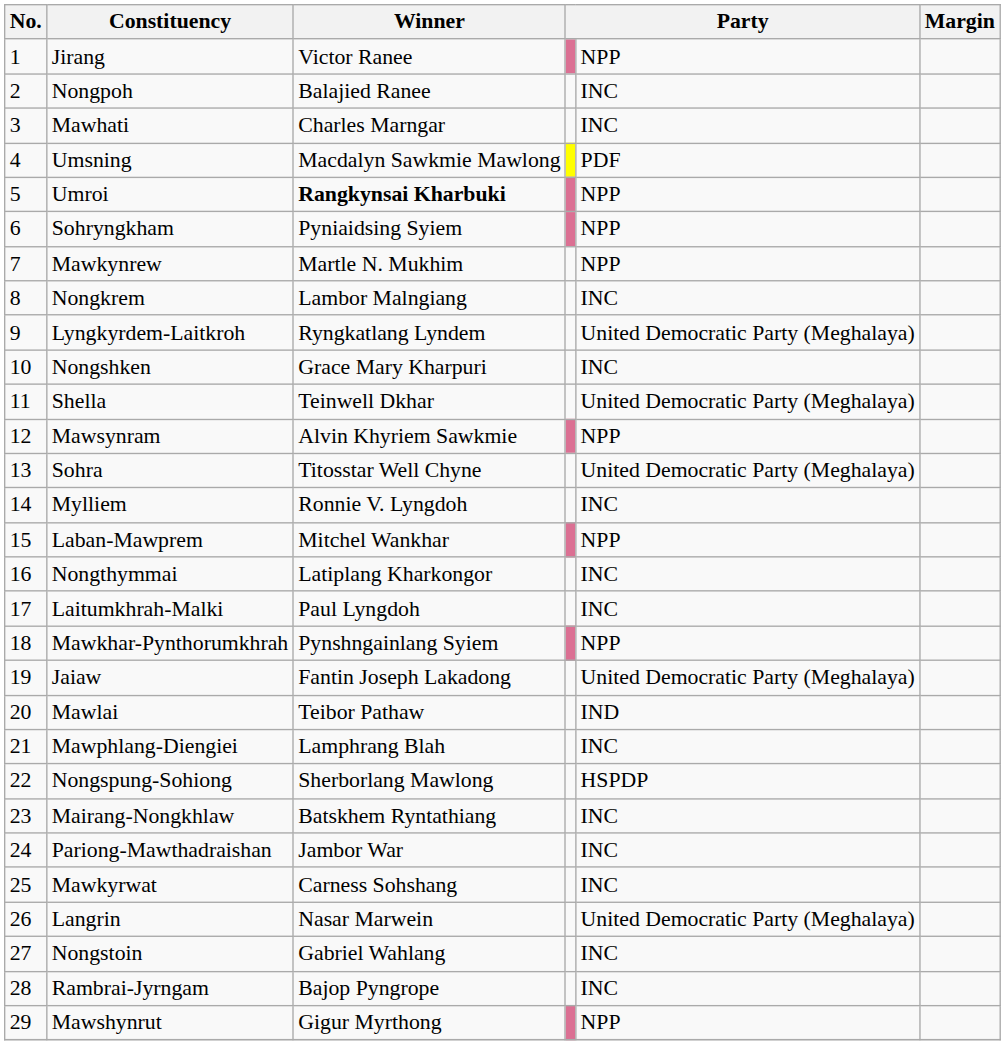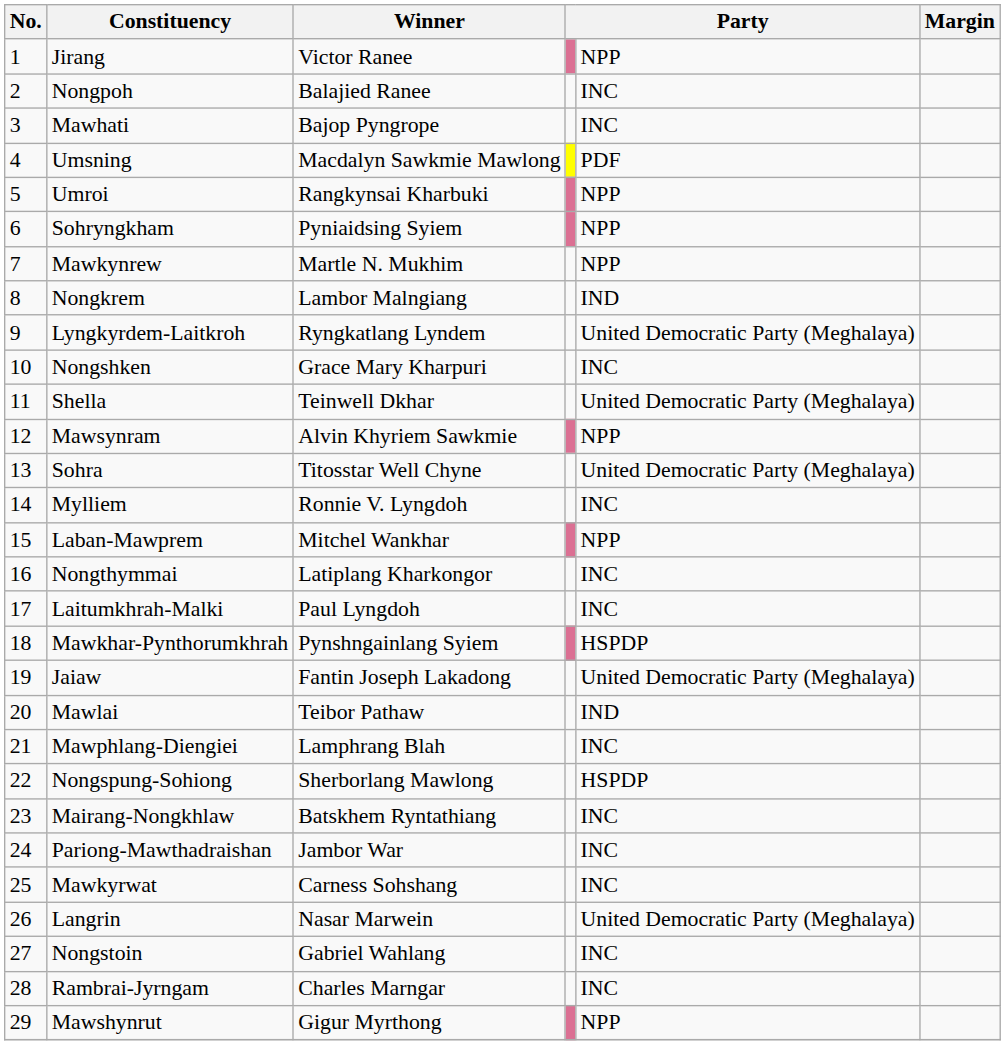 <table class="wikitable sortable">
 <tr>
 <th>No.</th>
 <th>Constituency</th>
 <th>Winner</th>
 <th colspan="2">Party</th>
 <th>Margin</th>
 </tr>
 <tr>
 <td>1</td>
 <td>Jirang</td>
 <td>Victor Ranee</td>
 <td bgcolor=#DB7093></td>
 <td>NPP</td>
 <td></td>
 </tr>
 <tr>
 <td>2</td>
 <td>Nongpoh</td>
 <td>Balajied Ranee</td>
 <td style="background-color: "></td>
 <td>INC</td>
 <td></td>
 </tr>
 <tr>
 <td>3</td>
 <td>Mawhati</td>
-<td>Charles Marngar</td>
+<td>Bajop Pyngrope</td>
 <td style="background-color: "></td>
 <td>INC</td>
 <td></td>
 </tr>
 <tr>
 <td>4</td>
 <td>Umsning</td>
 <td>Macdalyn Sawkmie Mawlong</td>
 <td bgcolor="yellow"></td>
 <td>PDF</td>
 <td></td>
 </tr>
 <tr>
 <td>5</td>
 <td>Umroi</td>
-<td><strong>Rangkynsai Kharbuki</strong></td>
+<td>Rangkynsai Kharbuki</td>
 <td bgcolor=#DB7093></td>
 <td>NPP</td>
 <td></td>
 </tr>
 <tr>
 <td>6</td>
 <td>Sohryngkham</td>
 <td>Pyniaidsing Syiem</td>
 <td bgcolor=#DB7093></td>
 <td>NPP</td>
 <td></td>
 </tr>
 <tr>
 <td>7</td>
 <td>Mawkynrew</td>
 <td>Martle N. Mukhim</td>
 <td></td>
 <td>NPP</td>
 <td></td>
 </tr>
 <tr>
 <td>8</td>
 <td>Nongkrem</td>
 <td>Lambor Malngiang</td>
 <td style="background-color: "></td>
-<td>INC</td>
+<td>IND</td>
 <td></td>
 </tr>
 <tr>
 <td>9</td>
 <td>Lyngkyrdem-Laitkroh</td>
 <td>Ryngkatlang Lyndem</td>
 <td style="background-color: "></td>
 <td>United Democratic Party (Meghalaya)</td>
 <td></td>
 </tr>
 <tr>
 <td>10</td>
 <td>Nongshken</td>
 <td>Grace Mary Kharpuri</td>
 <td style="background-color: "></td>
 <td>INC</td>
 <td></td>
 </tr>
 <tr>
 <td>11</td>
 <td>Shella</td>
 <td>Teinwell Dkhar</td>
 <td style="background-color: "></td>
 <td>United Democratic Party (Meghalaya)</td>
 <td></td>
 </tr>
 <tr>
 <td>12</td>
 <td>Mawsynram</td>
 <td>Alvin Khyriem Sawkmie</td>
 <td bgcolor=#DB7093></td>
 <td>NPP</td>
 <td></td>
 </tr>
 <tr>
 <td>13</td>
 <td>Sohra</td>
 <td>Titosstar Well Chyne</td>
 <td style="background-color: "></td>
 <td>United Democratic Party (Meghalaya)</td>
 <td></td>
 </tr>
 <tr>
 <td>14</td>
 <td>Mylliem</td>
 <td>Ronnie V. Lyngdoh</td>
 <td style="background-color: "></td>
 <td>INC</td>
 <td></td>
 </tr>
 <tr>
 <td>15</td>
 <td>Laban-Mawprem</td>
 <td>Mitchel Wankhar</td>
 <td bgcolor=#DB7093></td>
 <td>NPP</td>
 <td></td>
 </tr>
 <tr>
 <td>16</td>
 <td>Nongthymmai</td>
 <td>Latiplang Kharkongor</td>
 <td style="background-color: "></td>
 <td>INC</td>
 <td></td>
 </tr>
 <tr>
 <td>17</td>
 <td>Laitumkhrah-Malki</td>
 <td>Paul Lyngdoh</td>
 <td style="background-color: "></td>
 <td>INC</td>
 <td></td>
 </tr>
 <tr>
 <td>18</td>
 <td>Mawkhar-Pynthorumkhrah</td>
 <td>Pynshngainlang Syiem</td>
 <td bgcolor=#DB7093></td>
-<td>NPP</td>
+<td>HSPDP</td>
 <td></td>
 </tr>
 <tr>
 <td>19</td>
 <td>Jaiaw</td>
 <td>Fantin Joseph Lakadong</td>
 <td style="background-color: "></td>
 <td>United Democratic Party (Meghalaya)</td>
 <td></td>
 </tr>
 <tr>
 <td>20</td>
 <td>Mawlai</td>
 <td>Teibor Pathaw</td>
 <td style="background-color: "></td>
 <td>IND</td>
 <td></td>
 </tr>
 <tr>
 <td>21</td>
 <td>Mawphlang-Diengiei</td>
 <td>Lamphrang Blah</td>
 <td style="background-color: "></td>
 <td>INC</td>
 <td></td>
 </tr>
 <tr>
 <td>22</td>
 <td>Nongspung-Sohiong</td>
 <td>Sherborlang Mawlong</td>
 <td></td>
 <td>HSPDP</td>
 <td></td>
 </tr>
 <tr>
 <td>23</td>
 <td>Mairang-Nongkhlaw</td>
 <td>Batskhem Ryntathiang</td>
 <td style="background-color: "></td>
 <td>INC</td>
 <td></td>
 </tr>
 <tr>
 <td>24</td>
 <td>Pariong-Mawthadraishan</td>
 <td>Jambor War</td>
 <td style="background-color: "></td>
 <td>INC</td>
 <td></td>
 </tr>
 <tr>
 <td>25</td>
 <td>Mawkyrwat</td>
 <td>Carness Sohshang</td>
 <td style="background-color: "></td>
 <td>INC</td>
 <td></td>
 </tr>
 <tr>
 <td>26</td>
 <td>Langrin</td>
 <td>Nasar Marwein</td>
 <td style="background-color: "></td>
 <td>United Democratic Party (Meghalaya)</td>
 <td></td>
 </tr>
 <tr>
 <td>27</td>
 <td>Nongstoin</td>
 <td>Gabriel Wahlang</td>
 <td style="background-color: "></td>
 <td>INC</td>
 <td></td>
 </tr>
 <tr>
 <td>28</td>
 <td>Rambrai-Jyrngam</td>
-<td>Bajop Pyngrope</td>
+<td>Charles Marngar</td>
 <td style="background-color: "></td>
 <td>INC</td>
 <td></td>
 </tr>
 <tr>
 <td>29</td>
 <td>Mawshynrut</td>
 <td>Gigur Myrthong</td>
 <td bgcolor=#DB7093></td>
 <td>NPP</td>
 <td></td>
 </tr>
 <tr>
 </tr>
 </table>
